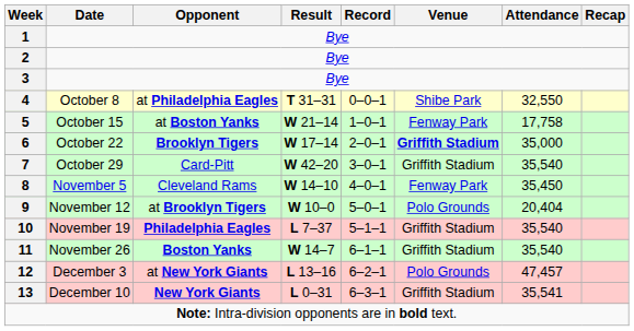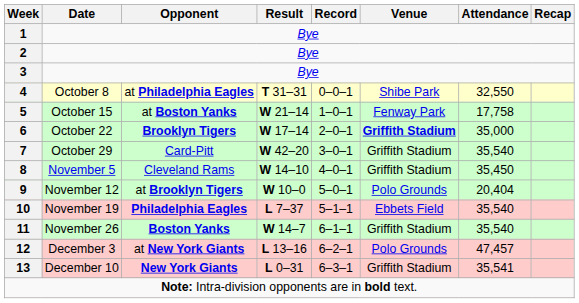 <table class="wikitable" style="text-align:center">
 <tr>
 <th>Week</th>
 <th>Date</th>
 <th>Opponent</th>
 <th>Result</th>
 <th>Record</th>
 <th>Venue</th>
 <th>Attendance</th>
 <th>Recap</th>
 </tr>
 <tr>
 <th>1</th>
 <td colspan="7"><em><a href='#'>Bye</a></em></td>
 </tr>
 <tr>
 <th>2</th>
 <td colspan="7"><em><a href='#'>Bye</a></em></td>
 </tr>
 <tr>
 <th>3</th>
 <td colspan="7"><em><a href='#'>Bye</a></em></td>
 </tr>
 <tr style="background:#ffc">
 <th>4</th>
 <td>October 8</td>
 <td>at <strong><a href='#'>Philadelphia Eagles</a></strong></td>
 <td><strong>T</strong> 31–31</td>
 <td>0–0–1</td>
 <td><a href='#'>Shibe Park</a></td>
 <td>32,550</td>
 <td></td>
 </tr>
 <tr style="background:#cfc">
 <th>5</th>
 <td>October 15</td>
 <td>at <strong><a href='#'>Boston Yanks</a></strong></td>
 <td><strong>W</strong> 21–14</td>
 <td>1–0–1</td>
 <td><a href='#'>Fenway Park</a></td>
 <td>17,758</td>
 <td></td>
 </tr>
 <tr style="background:#cfc">
 <th>6</th>
 <td>October 22</td>
 <td><strong><a href='#'>Brooklyn Tigers</a></strong></td>
 <td><strong>W</strong> 17–14</td>
 <td>2–0–1</td>
 <td><strong><a href='#'>Griffith Stadium</a></strong></td>
 <td>35,000</td>
 <td></td>
 </tr>
 <tr style="background:#cfc">
 <th>7</th>
 <td>October 29</td>
 <td><a href='#'>Card-Pitt</a></td>
 <td><strong>W</strong> 42–20</td>
 <td>3–0–1</td>
 <td>Griffith Stadium</td>
 <td>35,540</td>
 <td></td>
 </tr>
 <tr style="background:#cfc">
 <th>8</th>
 <td><a href='#'>November 5</a></td>
 <td><a href='#'>Cleveland Rams</a></td>
 <td><strong>W</strong> 14–10</td>
 <td>4–0–1</td>
-<td><a href='#'>Fenway Park</a></td>
+<td>Griffith Stadium</td>
 <td>35,450</td>
 <td></td>
 </tr>
 <tr style="background:#cfc">
 <th>9</th>
 <td>November 12</td>
 <td>at <strong><a href='#'>Brooklyn Tigers</a></strong></td>
 <td><strong>W</strong> 10–0</td>
 <td>5–0–1</td>
 <td><a href='#'>Polo Grounds</a></td>
 <td>20,404</td>
 <td></td>
 </tr>
 <tr style="background:#fcc">
 <th>10</th>
 <td>November 19</td>
 <td><strong><a href='#'>Philadelphia Eagles</a></strong></td>
 <td><strong>L</strong> 7–37</td>
 <td>5–1–1</td>
-<td>Griffith Stadium</td>
+<td><a href='#'>Ebbets Field</a></td>
 <td>35,540</td>
 <td></td>
 </tr>
 <tr style="background:#cfc">
 <th>11</th>
 <td>November 26</td>
 <td><strong><a href='#'>Boston Yanks</a></strong></td>
 <td><strong>W</strong> 14–7</td>
 <td>6–1–1</td>
 <td>Griffith Stadium</td>
 <td>35,540</td>
 <td></td>
 </tr>
 <tr style="background:#fcc">
 <th>12</th>
 <td>December 3</td>
 <td>at <strong><a href='#'>New York Giants</a></strong></td>
 <td><strong>L</strong> 13–16</td>
 <td>6–2–1</td>
 <td><a href='#'>Polo Grounds</a></td>
 <td>47,457</td>
 <td></td>
 </tr>
 <tr style="background:#fcc">
 <th>13</th>
 <td>December 10</td>
 <td><strong><a href='#'>New York Giants</a></strong></td>
 <td><strong>L</strong> 0–31</td>
 <td>6–3–1</td>
 <td>Griffith Stadium</td>
 <td>35,541</td>
 <td></td>
 </tr>
 <tr>
 <td colspan="8"><strong>Note:</strong> Intra-division opponents are in <strong>bold</strong> text.</td>
 </tr>
 </table>
